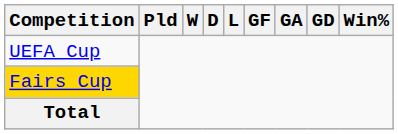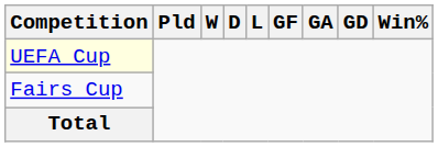 <table class="wikitable plainrowheaders" style="text-align:center">
 <tr>
 <th scope="col">Competition</th>
 <th scope="col">Pld</th>
 <th scope="col">W</th>
 <th scope="col">D</th>
 <th scope="col">L</th>
 <th scope="col">GF</th>
 <th scope="col">GA</th>
 <th scope="col">GD</th>
 <th scope="col">Win%</th>
 </tr>
 <tr>
-<td align=left><a href='#'>UEFA Cup</a><br></td>
+<td align=left style="background: lightyellow;"><a href='#'>UEFA Cup</a><br></td>
 </tr>
 <tr>
-<td align=left style="background: gold;"><a href='#'>Fairs Cup</a><br></td>
+<td align=left><a href='#'>Fairs Cup</a><br></td>
 </tr>
 <tr>
 <th>Total<br></th>
 </tr>
 </table>
